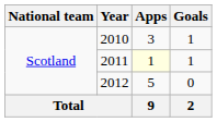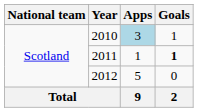 <table class="wikitable" style="text-align:center">
 <tr>
 <th>National team</th>
 <th>Year</th>
 <th>Apps</th>
 <th>Goals</th>
 </tr>
 <tr>
 <td rowspan="3"><a href='#'>Scotland</a></td>
 <td>2010</td>
-<td>3</td>
+<td style="background: lightblue;">3</td>
 <td>1</td>
 </tr>
 <tr>
 <td>2011</td>
-<td style="background: lightyellow;">1</td>
 <td>1</td>
+<td><strong>1</strong></td>
 </tr>
 <tr>
 <td>2012</td>
 <td>5</td>
 <td>0</td>
 </tr>
 <tr>
 <th colspan="2">Total</th>
 <th>9</th>
 <th>2</th>
 </tr>
 </table>
